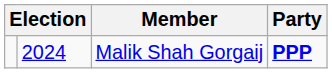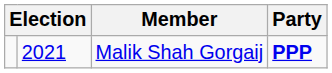 <table class="wikitable">
 <tr>
 <th colspan="2">Election</th>
 <th>Member</th>
 <th>Party</th>
 </tr>
 <tr>
 <td style="background-color: "></td>
-<td><a href='#'>2024</a></td>
+<td><a href='#'>2021</a></td>
 <td><a href='#'>Malik Shah Gorgaij</a></td>
 <td><strong><a href='#'>PPP</a></strong></td>
 </tr>
 </table>
